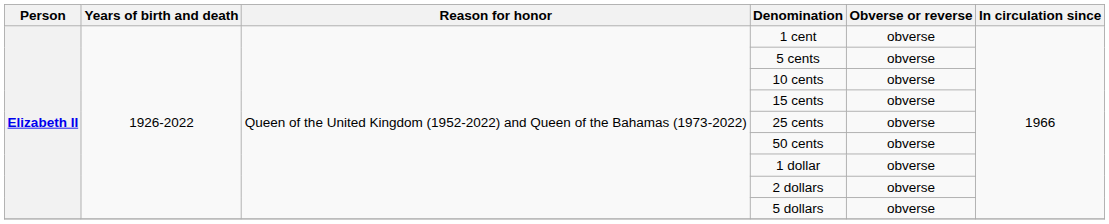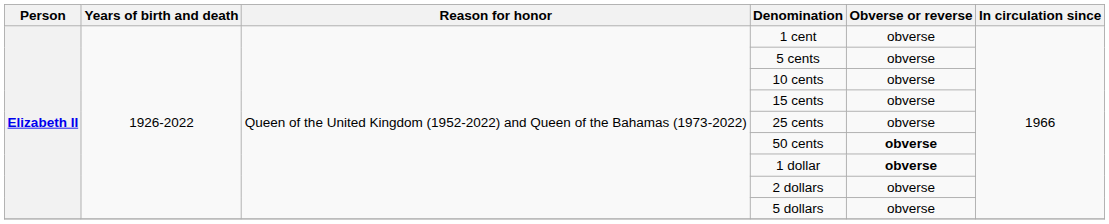 <table class="wikitable" style="font-size:95%; text-align:center;">
 <tr>
 <th>Person</th>
 <th>Years of birth and death</th>
 <th>Reason for honor</th>
 <th>Denomination</th>
 <th>Obverse or reverse</th>
 <th>In circulation since</th>
 </tr>
 <tr>
 <th rowspan="9"><a href='#'>Elizabeth II</a></th>
 <td rowspan="9">1926-2022</td>
 <td rowspan="9">Queen of the United Kingdom (1952-2022) and Queen of the Bahamas (1973-2022)</td>
 <td>1 cent</td>
 <td>obverse</td>
 <td rowspan="9">1966</td>
 </tr>
 <tr>
 <td>5 cents</td>
 <td>obverse</td>
 </tr>
 <tr>
 <td>10 cents</td>
 <td>obverse</td>
 </tr>
 <tr>
 <td>15 cents</td>
 <td>obverse</td>
 </tr>
 <tr>
 <td>25 cents</td>
 <td>obverse</td>
 </tr>
 <tr>
 <td>50 cents</td>
-<td>obverse</td>
+<td><strong>obverse</strong></td>
 </tr>
 <tr>
 <td>1 dollar</td>
-<td>obverse</td>
+<td><strong>obverse</strong></td>
 </tr>
 <tr>
 <td>2 dollars</td>
 <td>obverse</td>
 </tr>
 <tr>
 <td>5 dollars</td>
 <td>obverse</td>
 </tr>
 <tr>
 </tr>
 </table>
